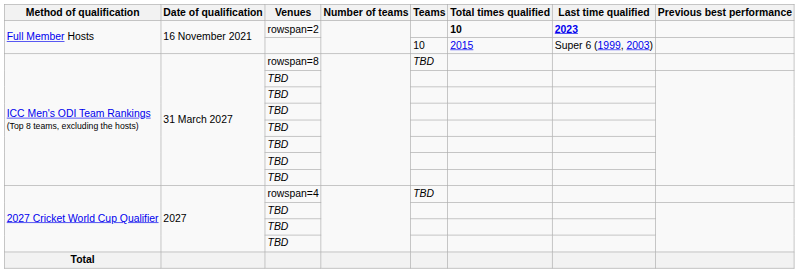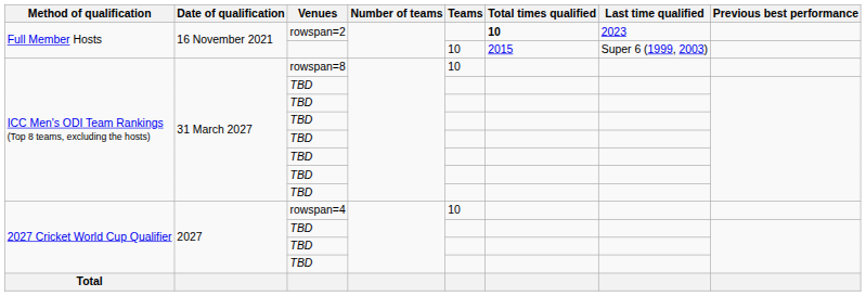 <table class="wikitable sortable">
 <tr>
 <th scope="col">Method of qualification</th>
 <th>Date of qualification</th>
 <th>Venues</th>
 <th>Number of teams</th>
 <th>Teams</th>
 <th>Total times qualified</th>
 <th>Last time qualified</th>
 <th>Previous best performance</th>
 </tr>
 <tr>
 <td rowspan=2><a href='#'>Full Member</a> Hosts</td>
 <td rowspan=2>16 November 2021</td>
 <td>rowspan=2 </td>
 <td rowspan=2></td>
 <td></td>
 <td><strong>10</strong></td>
-<td><strong><a href='#'>2023</a></strong></td>
+<td><a href='#'>2023</a></td>
 <td></td>
 </tr>
 <tr>
 <td></td>
 <td>10</td>
 <td><a href='#'>2015</a></td>
 <td>Super 6 (<a href='#'>1999</a>, <a href='#'>2003</a>)</td>
 </tr>
 <tr>
 <td rowspan=8><a href='#'>ICC Men's ODI Team Rankings</a><br><small>(Top 8 teams, excluding the hosts)</small></td>
 <td rowspan=8>31 March 2027</td>
 <td>rowspan=8 </td>
 <td rowspan=8></td>
-<td> <em>TBD</em></td>
+<td>10</td>
 <td></td>
 <td></td>
 <td></td>
 </tr>
 <tr>
 <td> <em>TBD</em></td>
 <td></td>
 <td></td>
 <td></td>
 </tr>
 <tr>
 <td> <em>TBD</em></td>
 <td></td>
 <td></td>
 <td></td>
 </tr>
 <tr>
 <td> <em>TBD</em></td>
 <td></td>
 <td></td>
 <td></td>
 </tr>
 <tr>
 <td> <em>TBD</em></td>
 <td></td>
 <td></td>
 <td></td>
 </tr>
 <tr>
 <td> <em>TBD</em></td>
 <td></td>
 <td></td>
 <td></td>
 </tr>
 <tr>
 <td> <em>TBD</em></td>
 <td></td>
 <td></td>
 <td></td>
 </tr>
 <tr>
 <td> <em>TBD</em></td>
 <td></td>
 <td></td>
 <td></td>
 </tr>
 <tr>
 <td rowspan=4><a href='#'>2027 Cricket World Cup Qualifier</a></td>
 <td rowspan=4>2027</td>
 <td>rowspan=4 </td>
 <td rowspan=4></td>
-<td> <em>TBD</em></td>
+<td>10</td>
 <td></td>
 <td></td>
 <td></td>
 </tr>
 <tr>
 <td> <em>TBD</em></td>
 <td></td>
 <td></td>
 <td></td>
 </tr>
 <tr>
 <td> <em>TBD</em></td>
 <td></td>
 <td></td>
 <td></td>
 </tr>
 <tr>
 <td> <em>TBD</em></td>
 <td></td>
 <td></td>
 <td></td>
 </tr>
 <tr>
 <th>Total</th>
 <th></th>
 <th></th>
 <th></th>
 <th></th>
 <th></th>
 <th></th>
 <th></th>
 </tr>
 </table>
